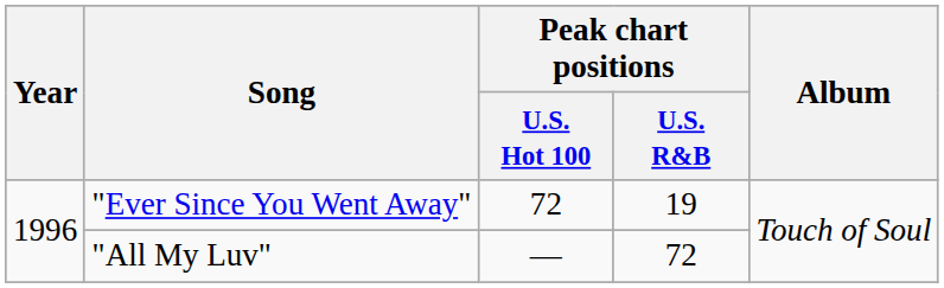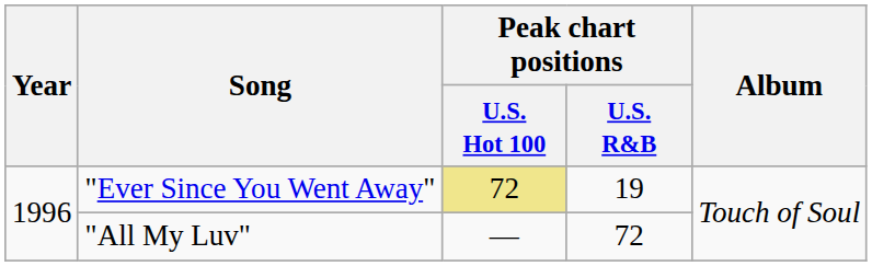 <table class="wikitable">
 <tr>
 <th align=center rowspan=2>Year</th>
 <th align=center rowspan=2>Song</th>
 <th align=center colspan=2>Peak chart positions</th>
 <th align=center rowspan=2>Album</th>
 </tr>
 <tr>
 <th width=60><small><a href='#'>U.S.<br>Hot 100</a></small></th>
 <th width=60><small><a href='#'>U.S.<br>R&B</a></small></th>
 </tr>
 <tr>
 <td align=left valign=center rowspan=2>1996</td>
 <td align=left valign=top>"<a href='#'>Ever Since You Went Away</a>"</td>
-<td align=center valign=center>72</td>
+<td align=center valign=center style="background: khaki;">72</td>
 <td align=center valign=center>19</td>
 <td align=left valign=center rowspan=2><em>Touch of Soul</em></td>
 </tr>
 <tr>
 <td align=left valign=top>"All My Luv"</td>
 <td align=center valign=center>—</td>
 <td align=center valign=center>72</td>
 </tr>
 </table>
